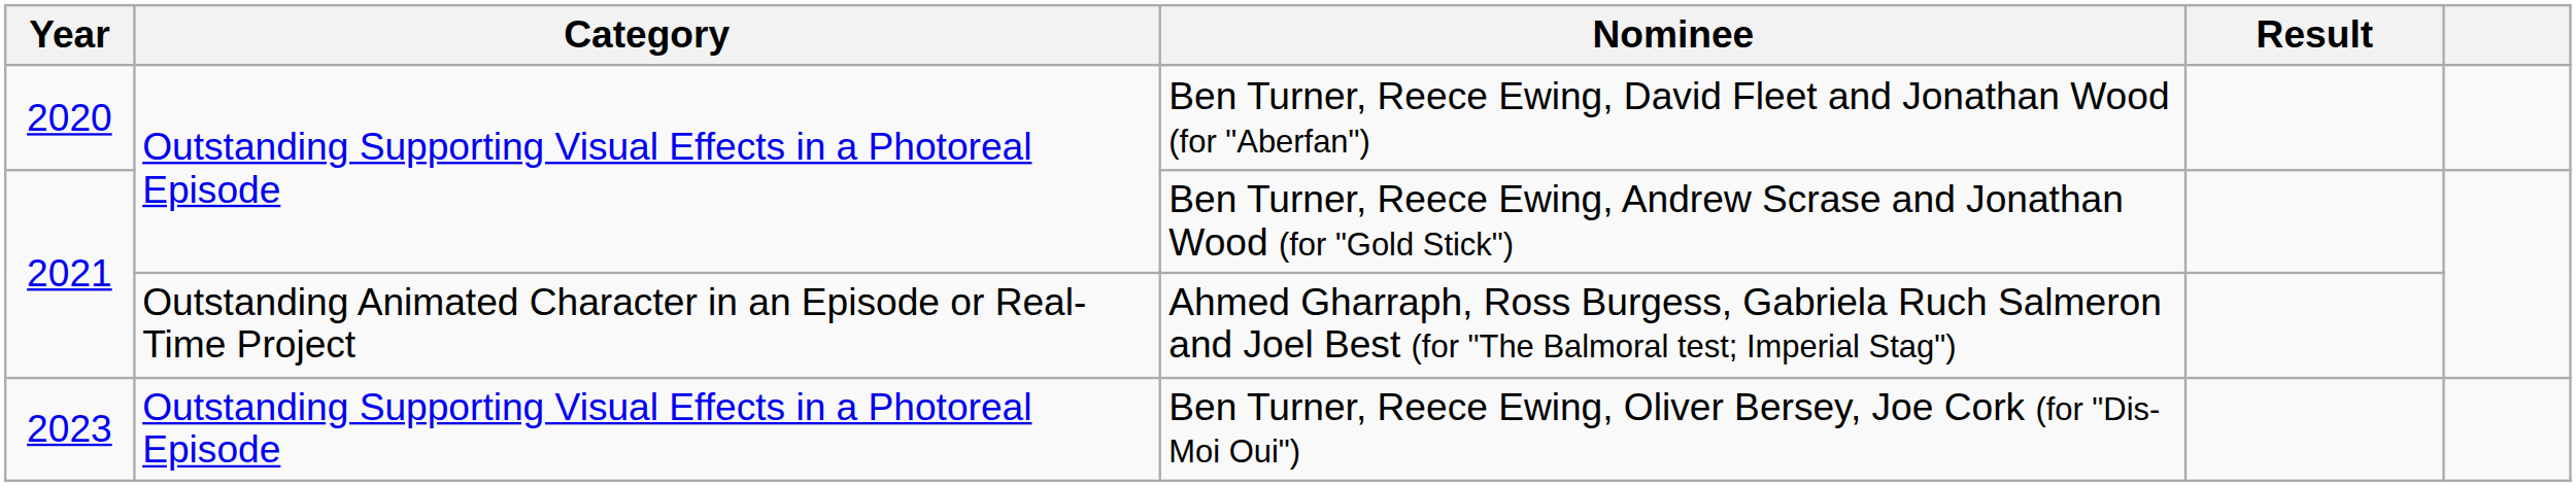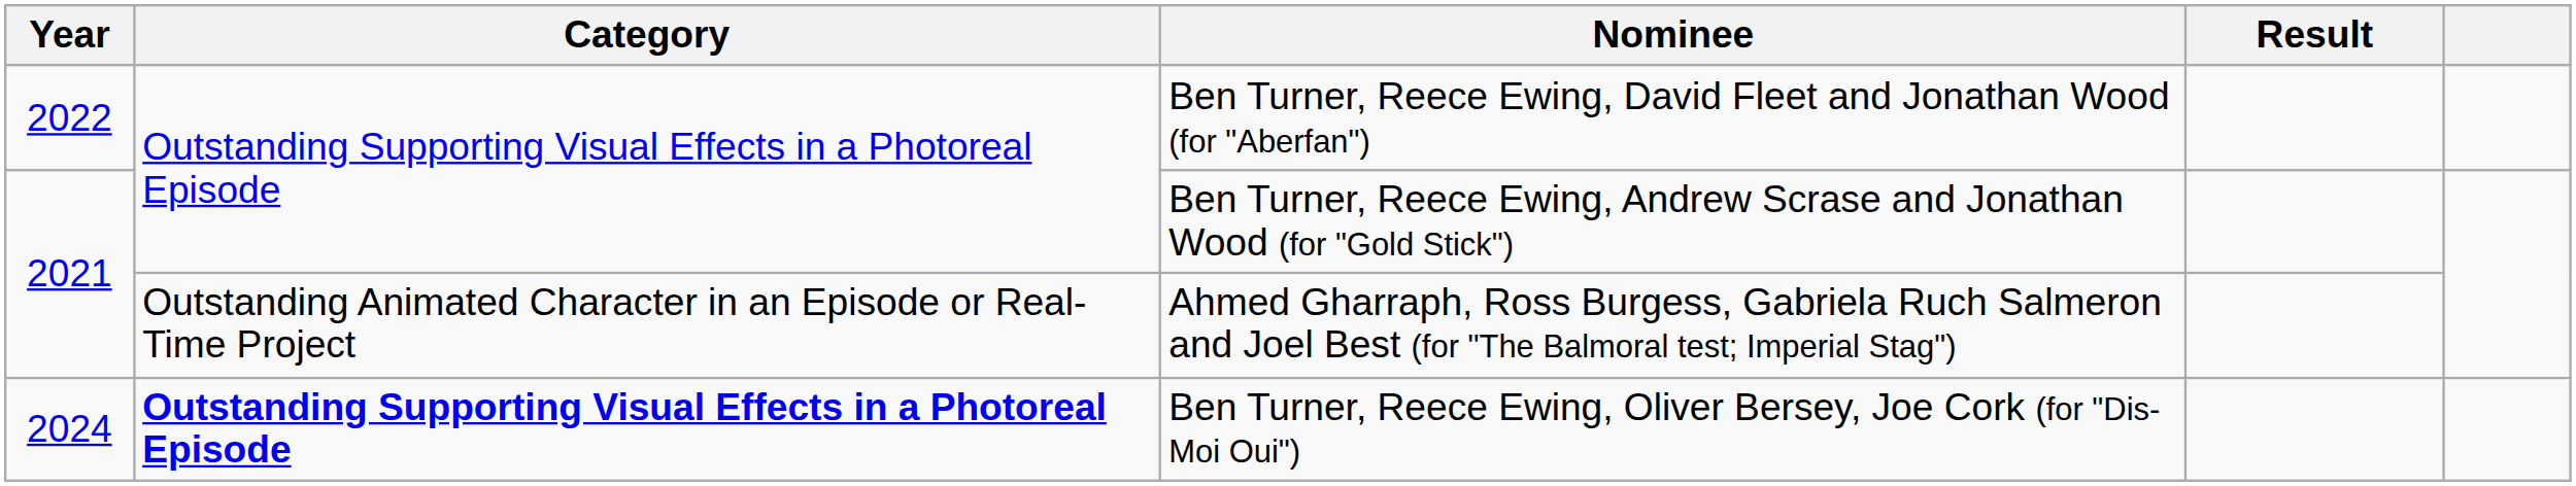 <table class="wikitable" style="width:85%;">
 <tr>
 <th width=5%>Year</th>
 <th style="width:40%;">Category</th>
 <th style="width:40%;">Nominee</th>
 <th style="width:10%;">Result</th>
 <th width=5%></th>
 </tr>
 <tr>
-<td style="text-align: center;"><a href='#'>2020</a></td>
+<td style="text-align: center;"><a href='#'>2022</a></td>
 <td rowspan="2"><a href='#'>Outstanding Supporting Visual Effects in a Photoreal Episode</a></td>
 <td>Ben Turner, Reece Ewing, David Fleet and Jonathan Wood <small>(for "Aberfan")</small></td>
 <td></td>
 <td style="text-align: center;"></td>
 </tr>
 <tr>
 <td rowspan="2" style="text-align: center;"><a href='#'>2021</a></td>
 <td>Ben Turner, Reece Ewing, Andrew Scrase and Jonathan Wood <small>(for "Gold Stick")</small></td>
 <td></td>
 <td rowspan="2" style="text-align:center;"></td>
 </tr>
 <tr>
 <td>Outstanding Animated Character in an Episode or Real-Time Project</td>
 <td>Ahmed Gharraph, Ross Burgess, Gabriela Ruch Salmeron and Joel Best <small>(for "The Balmoral test; Imperial Stag")</small></td>
 <td></td>
 </tr>
 <tr>
-<td style="text-align: center;"><a href='#'>2023</a></td>
-<td><a href='#'>Outstanding Supporting Visual Effects in a Photoreal Episode</a></td>
+<td style="text-align: center;"><a href='#'>2024</a></td>
+<td><strong><a href='#'>Outstanding Supporting Visual Effects in a Photoreal Episode</a></strong></td>
 <td>Ben Turner, Reece Ewing, Oliver Bersey, Joe Cork <small>(for "Dis-Moi Oui")</small></td>
 <td></td>
 <td style="text-align:center;"></td>
 </tr>
 </table>
